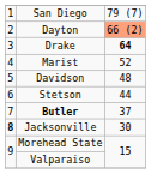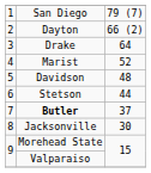 <table class="wikitable">
 <tr align="center">
 </tr>
 <tr align="center">
 <td>1</td>
 <td>San Diego</td>
 <td>79 (7)</td>
 </tr>
 <tr align="center">
 <td>2</td>
 <td>Dayton</td>
-<td style="background: lightsalmon;">66 (2)</td>
+<td>66 (2)</td>
 </tr>
 <tr align="center">
 <td>3</td>
 <td>Drake</td>
-<td><strong>64</strong></td>
+<td>64</td>
 </tr>
 <tr align="center">
 <td>4</td>
 <td>Marist</td>
 <td>52</td>
 </tr>
 <tr align="center">
 <td>5</td>
 <td>Davidson</td>
 <td>48</td>
 </tr>
 <tr align="center">
 <td>6</td>
 <td>Stetson</td>
 <td>44</td>
 </tr>
 <tr align="center">
 <td>7</td>
 <td><strong>Butler</strong></td>
 <td>37</td>
 </tr>
 <tr align="center">
-<td><strong>8</strong></td>
+<td>8</td>
 <td>Jacksonville</td>
 <td>30</td>
 </tr>
 <tr align="center">
 <td rowspan=2>9</td>
 <td>Morehead State</td>
 <td rowspan=2>15</td>
 </tr>
 <tr align="center">
 <td>Valparaiso</td>
 </tr>
 <tr>
 </tr>
 </table>
